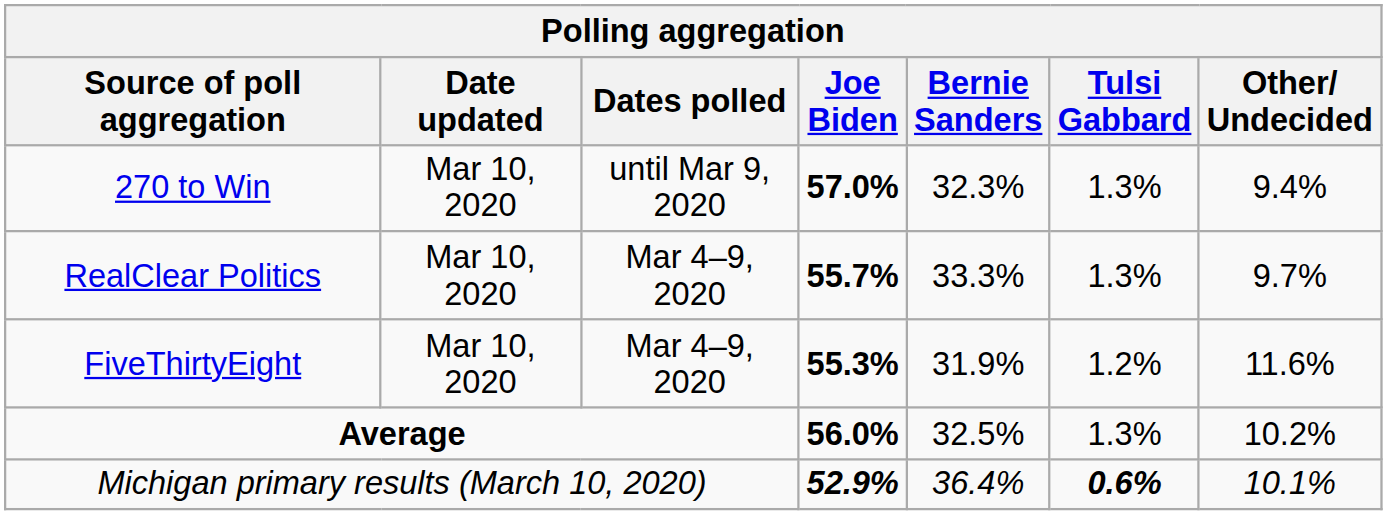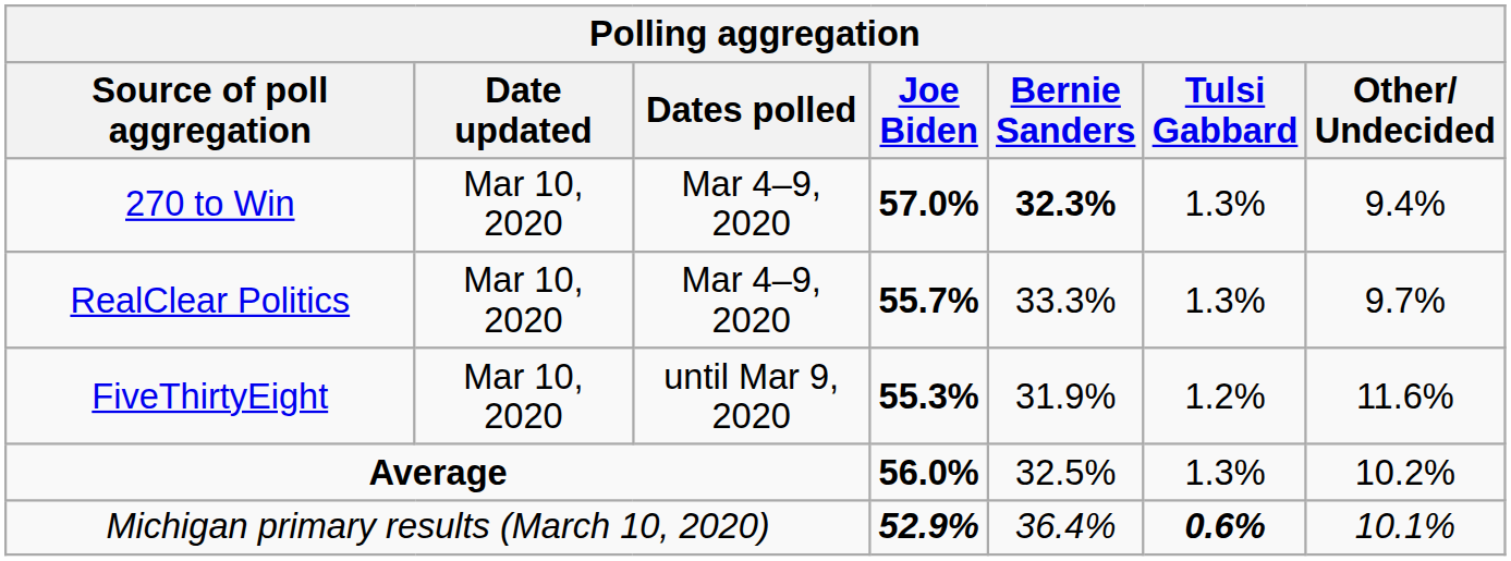 <table class="wikitable" style="font-size:90%;text-align:center;">
 <tr>
 <th colspan="8">Polling aggregation</th>
 </tr>
 <tr>
 <th>Source of poll aggregation</th>
 <th>Date updated</th>
 <th>Dates polled</th>
 <th><a href='#'>Joe<br>Biden</a></th>
 <th><a href='#'>Bernie<br>Sanders</a></th>
 <th><a href='#'>Tulsi<br>Gabbard</a></th>
 <th>Other/<br>Undecided</th>
 </tr>
 <tr>
 <td><a href='#'>270 to Win</a></td>
 <td>Mar 10, 2020</td>
-<td>until Mar 9, 2020</td>
+<td>Mar 4–9, 2020</td>
 <td><strong>57.0%</strong></td>
-<td>32.3%</td>
+<td><strong>32.3%</strong></td>
 <td>1.3%</td>
 <td>9.4%</td>
 </tr>
 <tr>
 <td><a href='#'>RealClear Politics</a></td>
 <td>Mar 10, 2020</td>
 <td>Mar 4–9, 2020</td>
 <td><strong>55.7%</strong></td>
 <td>33.3%</td>
 <td>1.3%</td>
 <td>9.7%</td>
 </tr>
 <tr>
 <td><a href='#'>FiveThirtyEight</a></td>
 <td>Mar 10, 2020</td>
-<td>Mar 4–9, 2020</td>
+<td>until Mar 9, 2020</td>
 <td><strong>55.3%</strong></td>
 <td>31.9%</td>
 <td>1.2%</td>
 <td>11.6%</td>
 </tr>
 <tr>
 <td colspan="3"><strong>Average</strong></td>
 <td><strong>56.0%</strong></td>
 <td>32.5%</td>
 <td>1.3%</td>
 <td>10.2%</td>
 </tr>
 <tr>
 <td colspan="3"><em>Michigan primary results (March 10, 2020)</em></td>
 <td><strong><em>52.9%</em></strong></td>
 <td><em>36.4%</em></td>
 <td><strong><em>0.6%</em></strong></td>
 <td><em>10.1%</em></td>
 </tr>
 </table>
